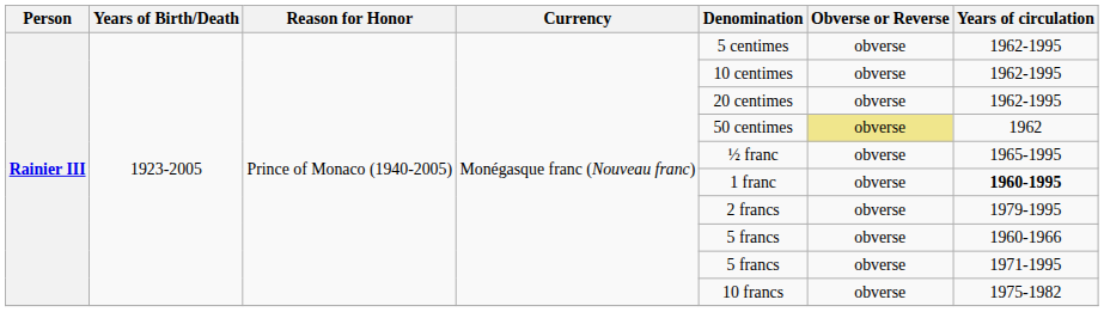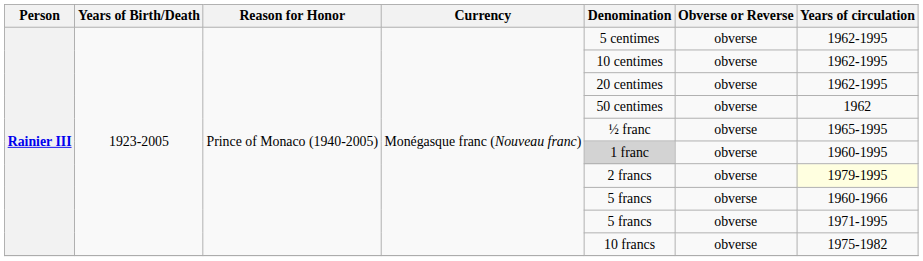 <table class="wikitable" style="font-size:95%; text-align:center;">
 <tr>
 <th>Person</th>
 <th>Years of Birth/Death</th>
 <th>Reason for Honor</th>
 <th>Currency</th>
 <th>Denomination</th>
 <th>Obverse or Reverse</th>
 <th>Years of circulation</th>
 </tr>
 <tr>
 <th rowspan="10"><a href='#'>Rainier III</a></th>
 <td rowspan="10">1923-2005</td>
 <td rowspan="10">Prince of Monaco (1940-2005)</td>
 <td rowspan="10">Monégasque franc (<em>Nouveau franc</em>)</td>
 <td>5 centimes</td>
 <td>obverse</td>
 <td>1962-1995</td>
 </tr>
 <tr>
 <td>10 centimes</td>
 <td>obverse</td>
 <td>1962-1995</td>
 </tr>
 <tr>
 <td>20 centimes</td>
 <td>obverse</td>
 <td>1962-1995</td>
 </tr>
 <tr>
 <td>50 centimes</td>
-<td style="background: khaki;">obverse</td>
+<td>obverse</td>
 <td>1962</td>
 </tr>
 <tr>
 <td>½ franc</td>
 <td>obverse</td>
 <td>1965-1995</td>
 </tr>
 <tr>
-<td>1 franc</td>
+<td style="background: lightgrey;">1 franc</td>
 <td>obverse</td>
-<td><strong>1960-1995</strong></td>
+<td>1960-1995</td>
 </tr>
 <tr>
 <td>2 francs</td>
 <td>obverse</td>
-<td>1979-1995</td>
+<td style="background: lightyellow;">1979-1995</td>
 </tr>
 <tr>
 <td>5 francs</td>
 <td>obverse</td>
 <td>1960-1966</td>
 </tr>
 <tr>
 <td>5 francs</td>
 <td>obverse</td>
 <td>1971-1995</td>
 </tr>
 <tr>
 <td>10 francs</td>
 <td>obverse</td>
 <td>1975-1982</td>
 </tr>
 <tr>
 </tr>
 </table>
